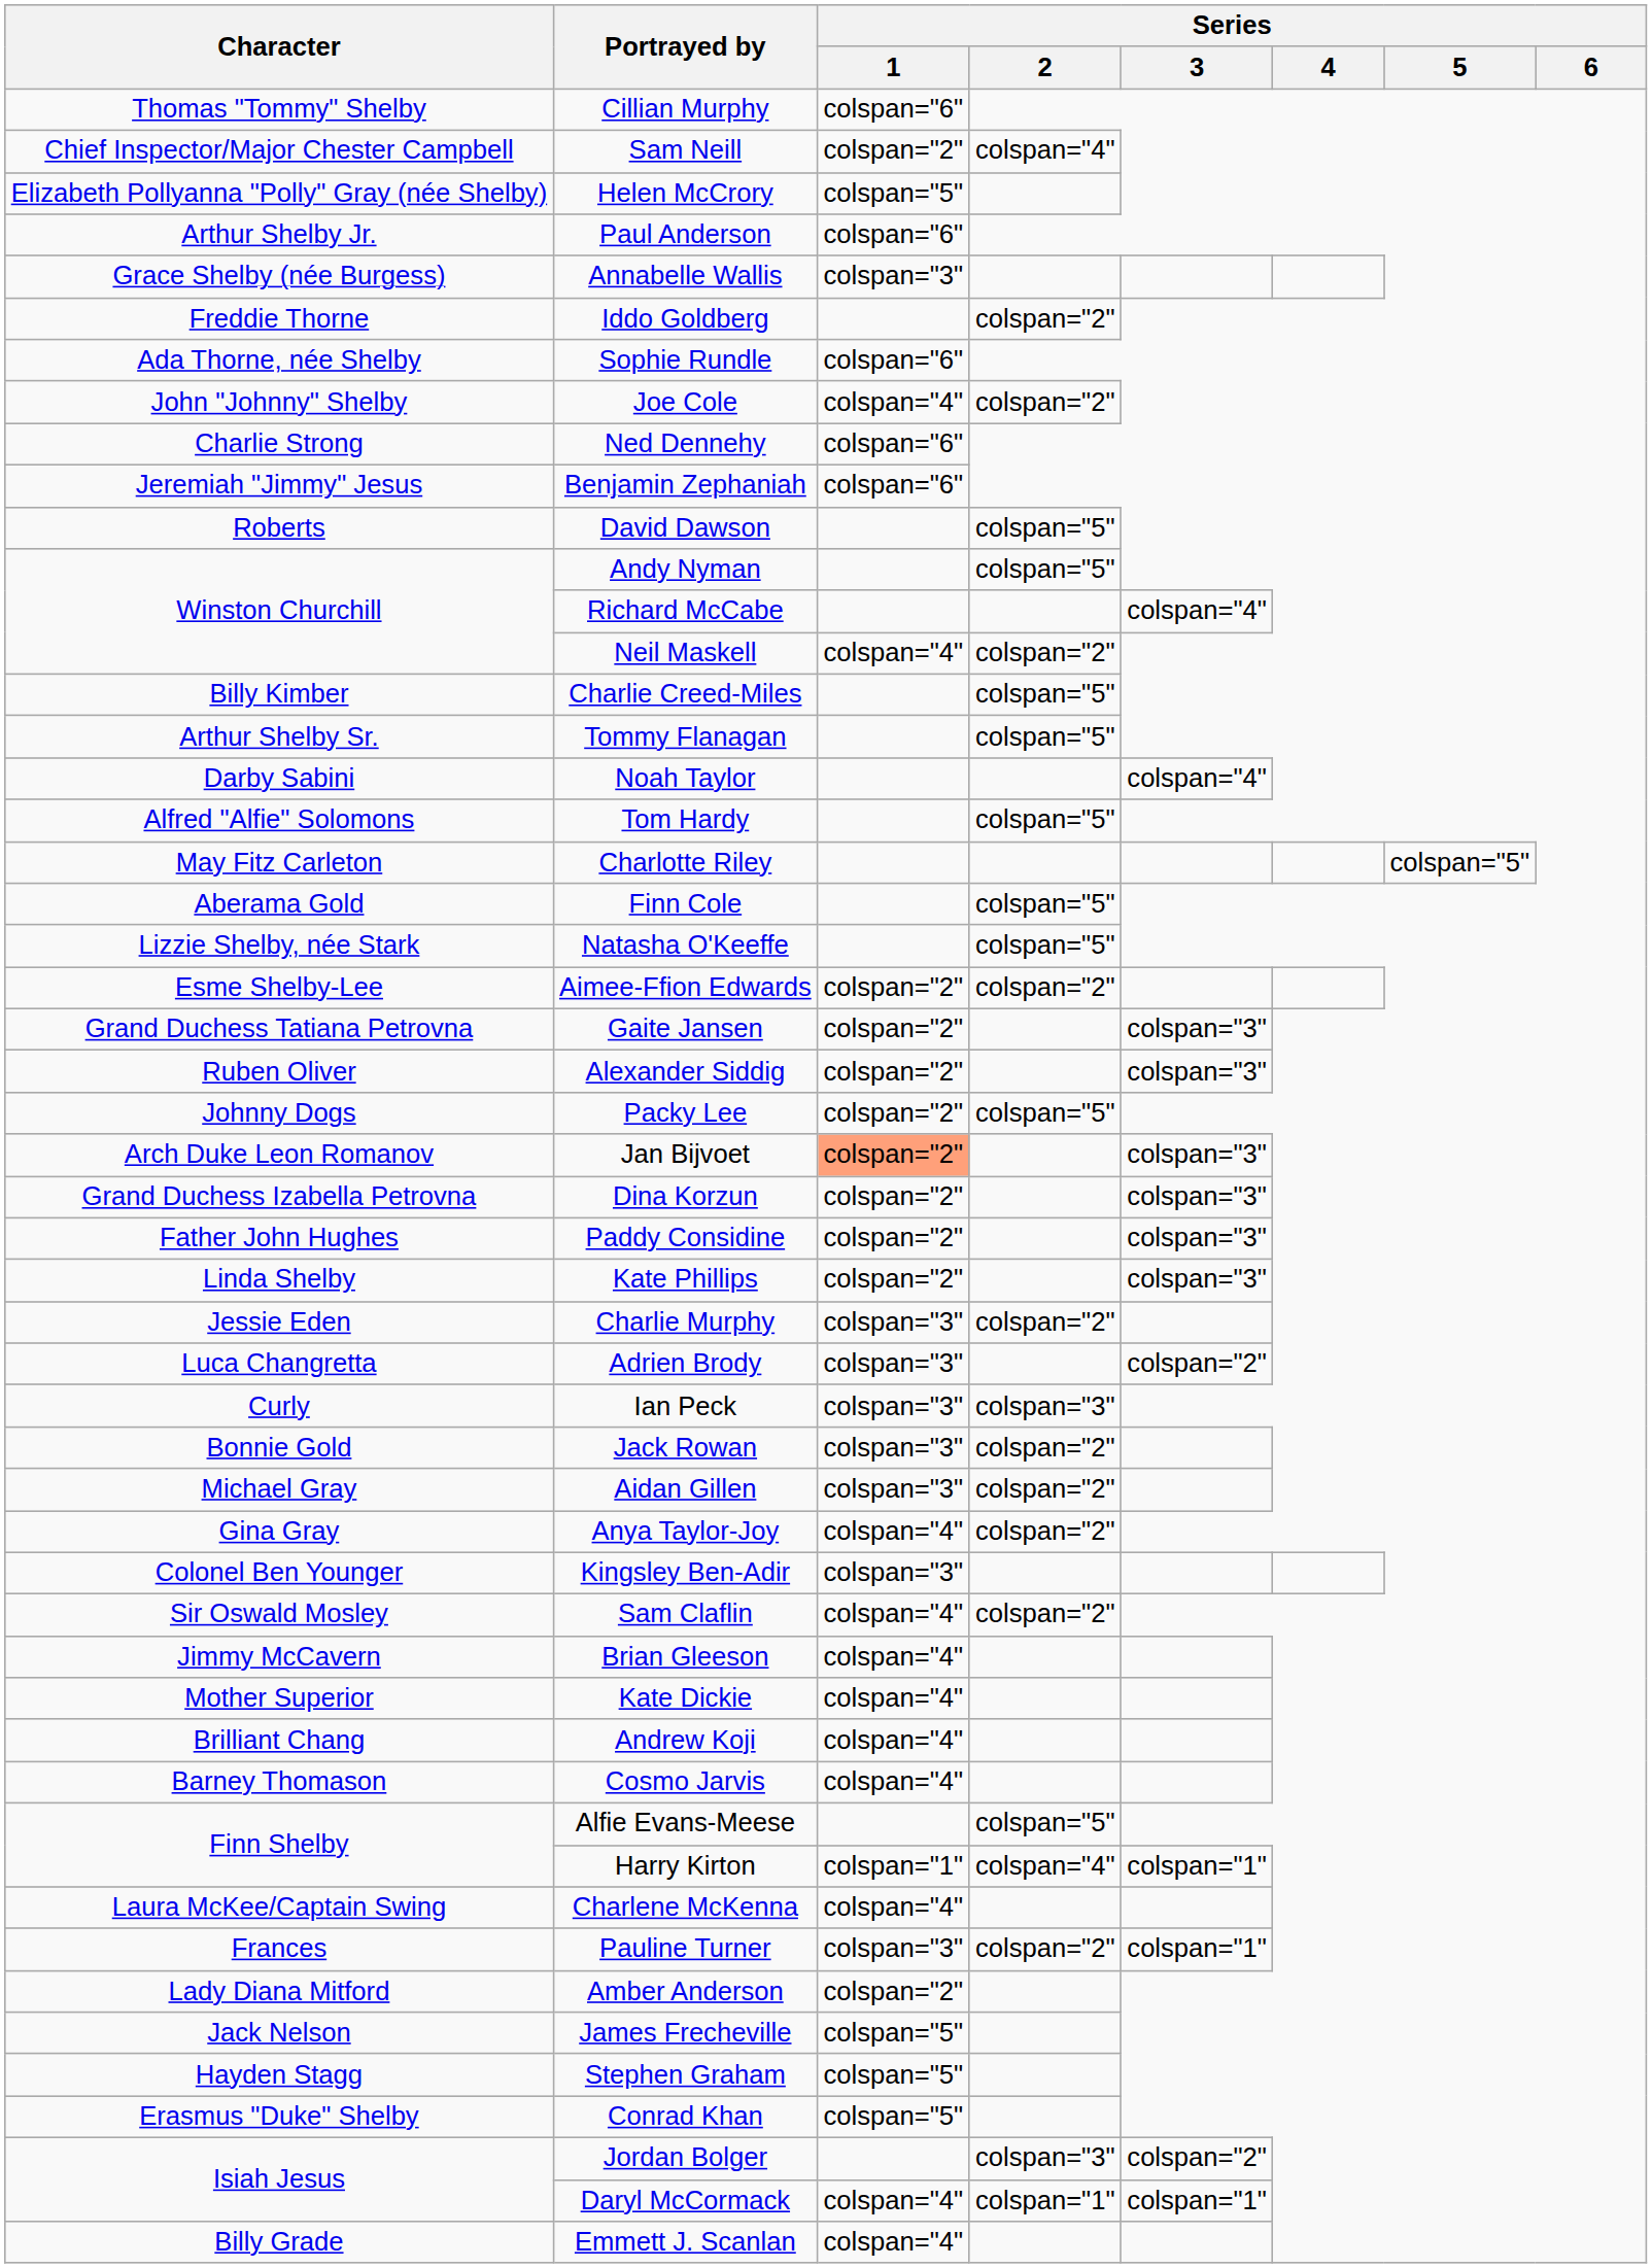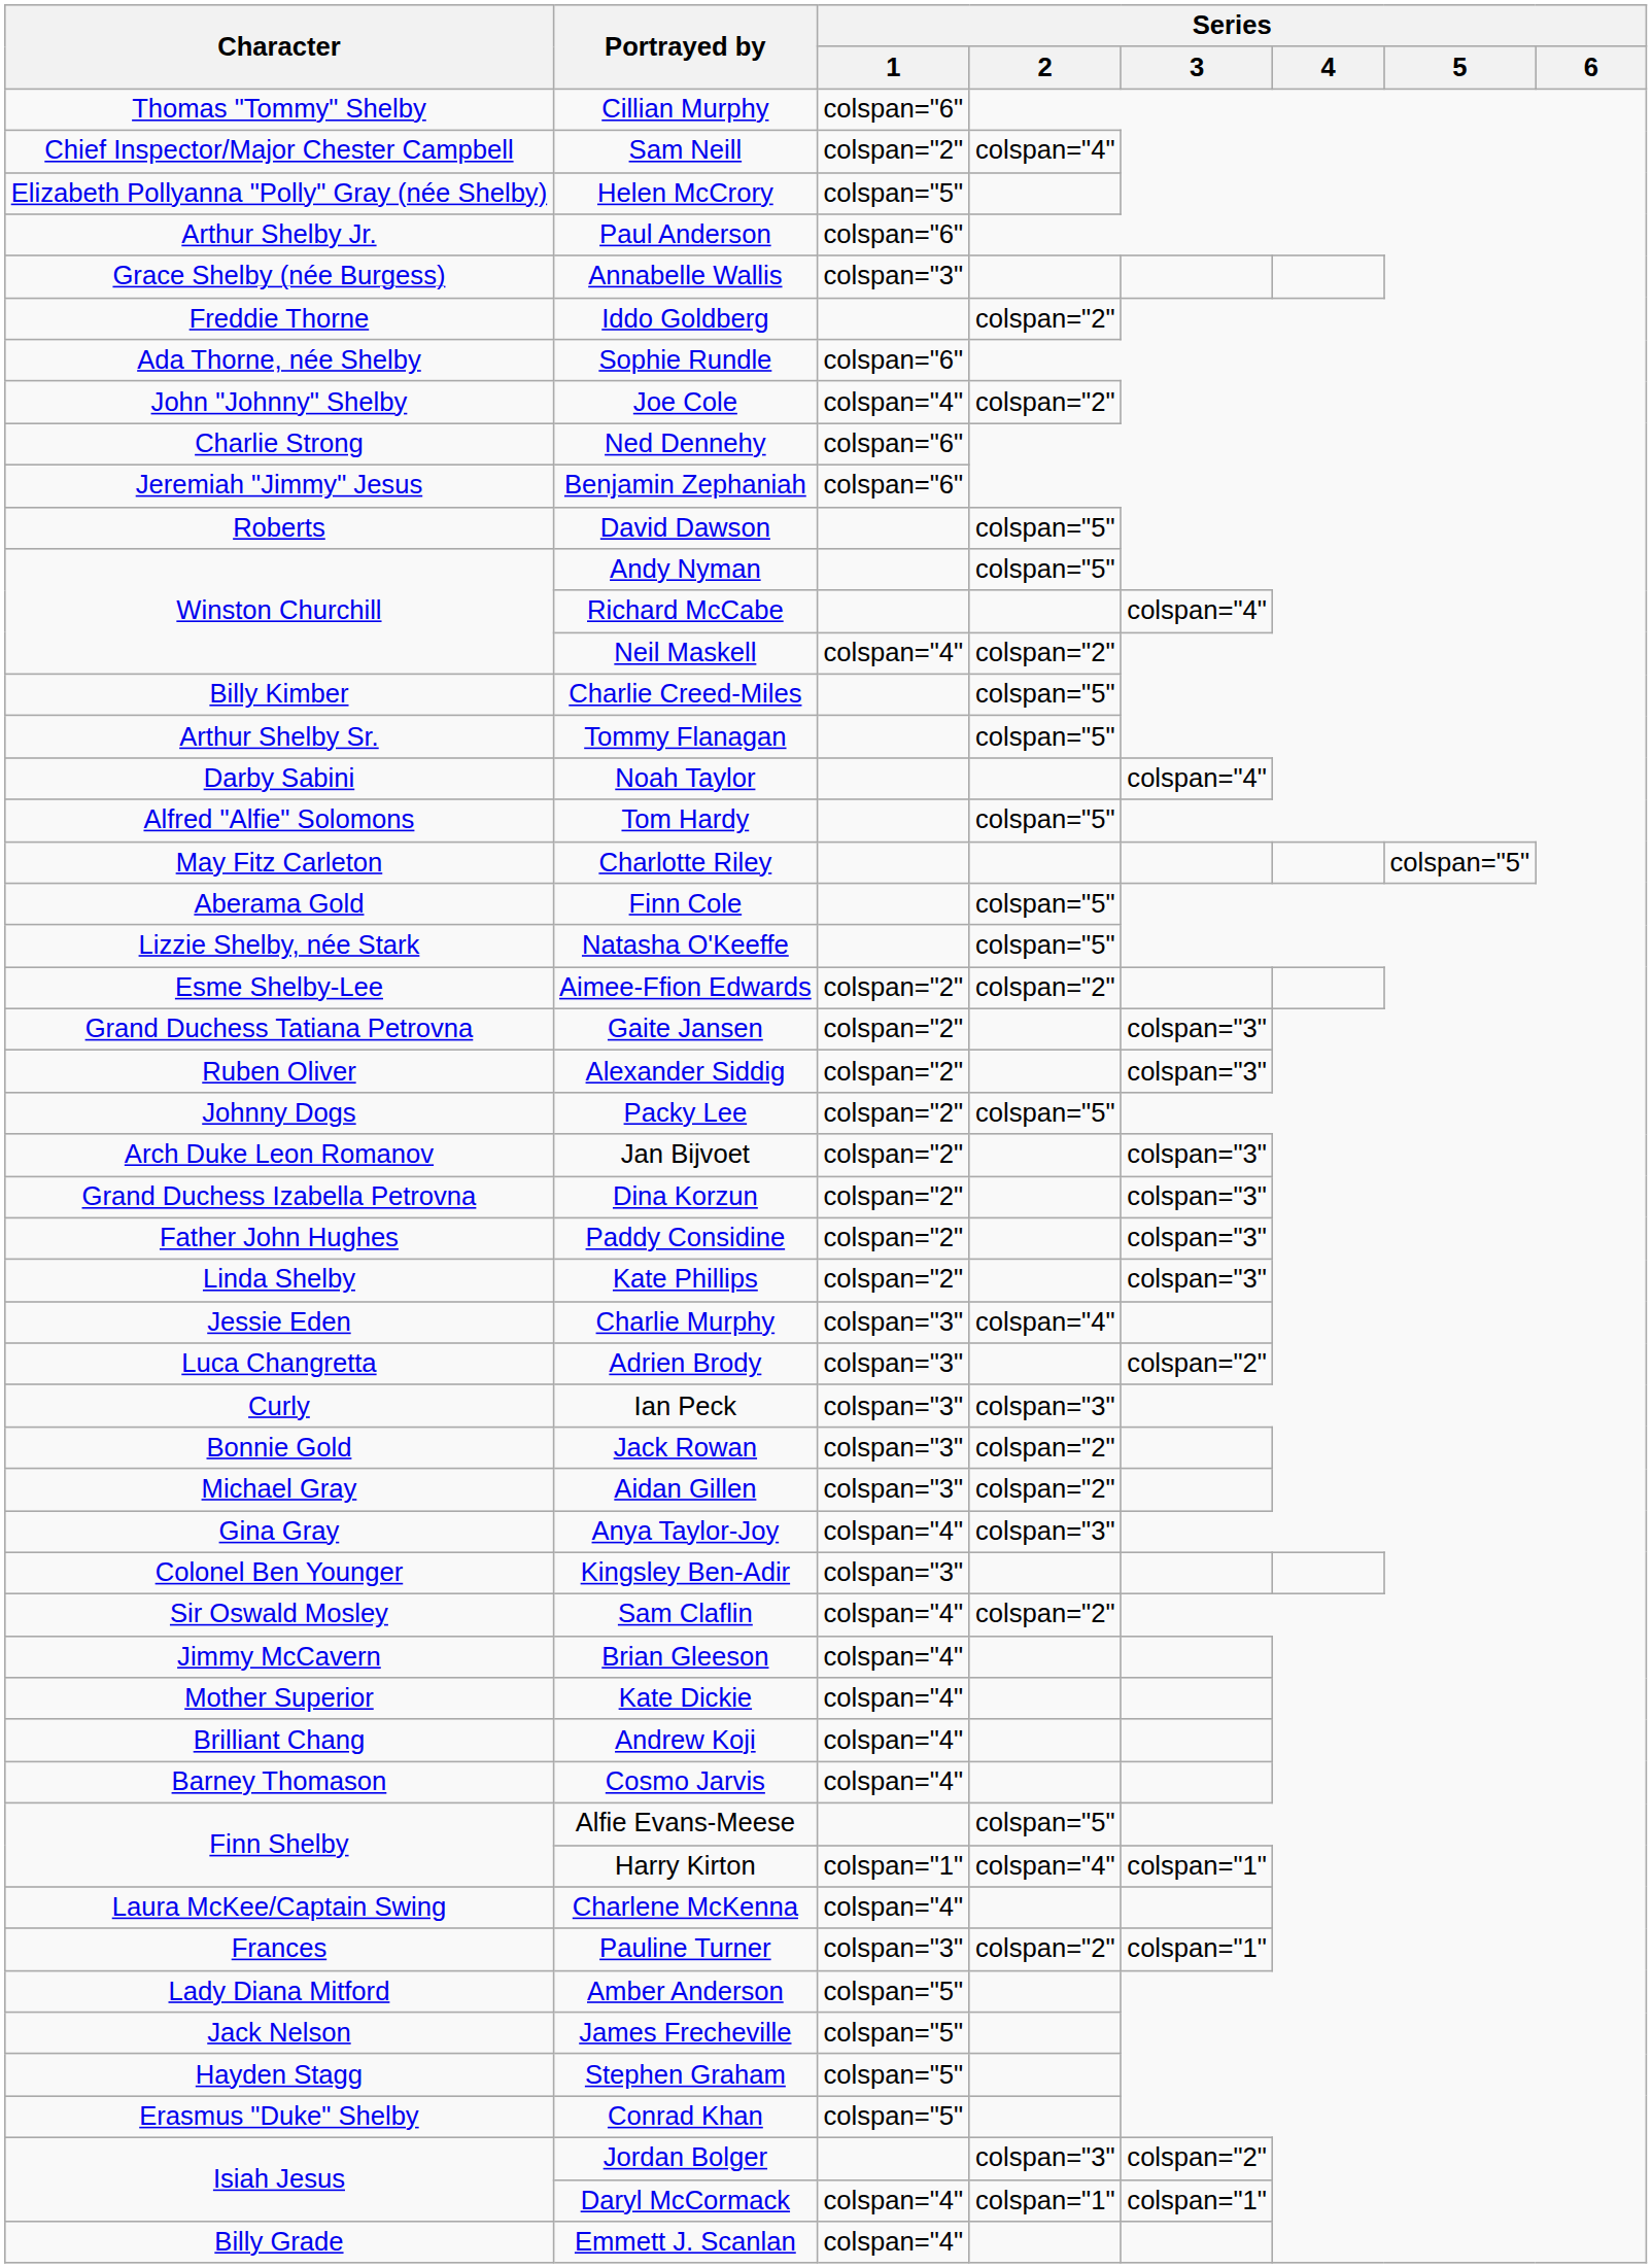 <table class="wikitable plainrowheaders" style="text-align:center;">
 <tr>
 <th scope="col" rowspan="2">Character</th>
 <th scope="col" rowspan="2">Portrayed by</th>
 <th scope="col" colspan="6">Series</th>
 </tr>
 <tr>
 <th style="width:60px;">1</th>
 <th style="width:60px;">2</th>
 <th style="width:60px;">3</th>
 <th style="width:60px;">4</th>
 <th style="width:60px;">5</th>
 <th style="width:60px;">6</th>
 </tr>
 <tr>
 <td scope="row"><a href='#'>Thomas "Tommy" Shelby</a></td>
 <td><a href='#'>Cillian Murphy</a></td>
 <td>colspan="6" </td>
 </tr>
 <tr>
 <td scope="row"><a href='#'>Chief Inspector/Major Chester Campbell</a></td>
 <td><a href='#'>Sam Neill</a></td>
 <td>colspan="2" </td>
 <td>colspan="4" </td>
 </tr>
 <tr>
 <td scope="row"><a href='#'>Elizabeth Pollyanna "Polly" Gray (née Shelby)</a></td>
 <td><a href='#'>Helen McCrory</a></td>
 <td>colspan="5" </td>
 <td></td>
 </tr>
 <tr>
 <td scope="row"><a href='#'>Arthur Shelby Jr.</a></td>
 <td><a href='#'>Paul Anderson</a></td>
 <td>colspan="6" </td>
 </tr>
 <tr>
 <td scope="row"><a href='#'>Grace Shelby (née Burgess)</a></td>
 <td><a href='#'>Annabelle Wallis</a></td>
 <td>colspan="3" </td>
 <td></td>
 <td></td>
 <td></td>
 </tr>
 <tr>
 <td scope="row"><a href='#'>Freddie Thorne</a></td>
 <td><a href='#'>Iddo Goldberg</a></td>
 <td></td>
 <td>colspan="2" </td>
 </tr>
 <tr>
 <td scope="row"><a href='#'>Ada Thorne, née Shelby</a></td>
 <td><a href='#'>Sophie Rundle</a></td>
 <td>colspan="6" </td>
 </tr>
 <tr>
 <td scope="row"><a href='#'>John "Johnny" Shelby</a></td>
 <td><a href='#'>Joe Cole</a></td>
 <td>colspan="4" </td>
 <td>colspan="2" </td>
 </tr>
 <tr>
 <td scope="row"><a href='#'>Charlie Strong</a></td>
 <td><a href='#'>Ned Dennehy</a></td>
 <td>colspan="6" </td>
 </tr>
 <tr>
 <td scope="row"><a href='#'>Jeremiah "Jimmy" Jesus</a></td>
 <td><a href='#'>Benjamin Zephaniah</a></td>
 <td>colspan="6" </td>
 </tr>
 <tr>
 <td scope="row"><a href='#'>Roberts</a></td>
 <td><a href='#'>David Dawson</a></td>
 <td></td>
 <td>colspan="5" </td>
 </tr>
 <tr>
 <td rowspan="3" scope="row"><a href='#'>Winston Churchill</a></td>
 <td><a href='#'>Andy Nyman</a></td>
 <td></td>
 <td>colspan="5" </td>
 </tr>
 <tr>
 <td><a href='#'>Richard McCabe</a></td>
 <td></td>
 <td></td>
 <td>colspan="4" </td>
 </tr>
 <tr>
 <td><a href='#'>Neil Maskell</a></td>
 <td>colspan="4" </td>
 <td>colspan="2" </td>
 </tr>
 <tr>
 <td scope="row"><a href='#'>Billy Kimber</a></td>
 <td><a href='#'>Charlie Creed-Miles</a></td>
 <td></td>
 <td>colspan="5" </td>
 </tr>
 <tr>
 <td scope="row"><a href='#'>Arthur Shelby Sr.</a></td>
 <td><a href='#'>Tommy Flanagan</a></td>
 <td></td>
 <td>colspan="5" </td>
 </tr>
 <tr>
 <td scope="row"><a href='#'>Darby Sabini</a></td>
 <td><a href='#'>Noah Taylor</a></td>
 <td></td>
 <td></td>
 <td>colspan="4" </td>
 </tr>
 <tr>
 <td scope="row"><a href='#'>Alfred "Alfie" Solomons</a></td>
 <td><a href='#'>Tom Hardy</a></td>
 <td></td>
 <td>colspan="5" </td>
 </tr>
 <tr>
 <td scope="row"><a href='#'>May Fitz Carleton</a></td>
 <td><a href='#'>Charlotte Riley</a></td>
 <td></td>
 <td></td>
 <td></td>
 <td></td>
 <td>colspan="5" </td>
 </tr>
 <tr>
 <td scope="row"><a href='#'>Aberama Gold</a></td>
 <td><a href='#'>Finn Cole</a></td>
 <td></td>
 <td>colspan="5" </td>
 </tr>
 <tr>
 <td scope="row"><a href='#'>Lizzie Shelby, née Stark</a></td>
 <td><a href='#'>Natasha O'Keeffe</a></td>
 <td></td>
 <td>colspan="5" </td>
 </tr>
 <tr>
 <td scope="row"><a href='#'>Esme Shelby-Lee</a></td>
 <td><a href='#'>Aimee-Ffion Edwards</a></td>
 <td>colspan="2" </td>
 <td>colspan="2" </td>
 <td></td>
 <td></td>
 </tr>
 <tr>
 <td scope="row"><a href='#'>Grand Duchess Tatiana Petrovna</a></td>
 <td><a href='#'>Gaite Jansen</a></td>
 <td>colspan="2" </td>
 <td></td>
 <td>colspan="3" </td>
 </tr>
 <tr>
 <td scope="row"><a href='#'>Ruben Oliver</a></td>
 <td><a href='#'>Alexander Siddig</a></td>
 <td>colspan="2" </td>
 <td></td>
 <td>colspan="3" </td>
 </tr>
 <tr>
 <td scope="row"><a href='#'>Johnny Dogs</a></td>
 <td><a href='#'>Packy Lee</a></td>
 <td>colspan="2" </td>
 <td>colspan="5" </td>
 </tr>
 <tr>
 <td scope="row"><a href='#'>Arch Duke Leon Romanov</a></td>
 <td>Jan Bijvoet</td>
-<td style="background: lightsalmon;">colspan="2" </td>
+<td>colspan="2" </td>
 <td></td>
 <td>colspan="3" </td>
 </tr>
 <tr>
 <td scope="row"><a href='#'>Grand Duchess Izabella Petrovna</a></td>
 <td><a href='#'>Dina Korzun</a></td>
 <td>colspan="2" </td>
 <td></td>
 <td>colspan="3" </td>
 </tr>
 <tr>
 <td scope="row"><a href='#'>Father John Hughes</a></td>
 <td><a href='#'>Paddy Considine</a></td>
 <td>colspan="2" </td>
 <td></td>
 <td>colspan="3" </td>
 </tr>
 <tr>
 <td scope="row"><a href='#'>Linda Shelby</a></td>
 <td><a href='#'>Kate Phillips</a></td>
 <td>colspan="2" </td>
 <td></td>
 <td>colspan="3" </td>
 </tr>
 <tr>
 <td scope="row"><a href='#'>Jessie Eden</a></td>
 <td><a href='#'>Charlie Murphy</a></td>
 <td>colspan="3" </td>
-<td>colspan="2" </td>
+<td>colspan="4" </td>
 <td></td>
 </tr>
 <tr>
 <td scope="row"><a href='#'>Luca Changretta</a></td>
 <td><a href='#'>Adrien Brody</a></td>
 <td>colspan="3" </td>
 <td></td>
 <td>colspan="2" </td>
 </tr>
 <tr>
 <td scope="row"><a href='#'>Curly</a></td>
 <td>Ian Peck</td>
 <td>colspan="3" </td>
 <td>colspan="3" </td>
 </tr>
 <tr>
 <td scope="row"><a href='#'>Bonnie Gold</a></td>
 <td><a href='#'>Jack Rowan</a></td>
 <td>colspan="3" </td>
 <td>colspan="2" </td>
 <td></td>
 </tr>
 <tr>
 <td scope="row"><a href='#'>Michael Gray</a></td>
 <td><a href='#'>Aidan Gillen</a></td>
 <td>colspan="3" </td>
 <td>colspan="2" </td>
 <td></td>
 </tr>
 <tr>
 <td scope="row"><a href='#'>Gina Gray</a></td>
 <td><a href='#'>Anya Taylor-Joy</a></td>
 <td>colspan="4" </td>
-<td>colspan="2" </td>
+<td>colspan="3" </td>
 </tr>
 <tr>
 <td scope="row"><a href='#'>Colonel Ben Younger</a></td>
 <td><a href='#'>Kingsley Ben-Adir</a></td>
 <td>colspan="3" </td>
 <td></td>
 <td></td>
 <td></td>
 </tr>
 <tr>
 <td scope="row"><a href='#'>Sir Oswald Mosley</a></td>
 <td><a href='#'>Sam Claflin</a></td>
 <td>colspan="4" </td>
 <td>colspan="2" </td>
 </tr>
 <tr>
 <td scope="row"><a href='#'>Jimmy McCavern</a></td>
 <td><a href='#'>Brian Gleeson</a></td>
 <td>colspan="4" </td>
 <td></td>
 <td></td>
 </tr>
 <tr>
 <td scope="row"><a href='#'>Mother Superior</a></td>
 <td><a href='#'>Kate Dickie</a></td>
 <td>colspan="4" </td>
 <td></td>
 <td></td>
 </tr>
 <tr>
 <td scope="row"><a href='#'>Brilliant Chang</a></td>
 <td><a href='#'>Andrew Koji</a></td>
 <td>colspan="4" </td>
 <td></td>
 <td></td>
 </tr>
 <tr>
 <td scope="row"><a href='#'>Barney Thomason</a></td>
 <td><a href='#'>Cosmo Jarvis</a></td>
 <td>colspan="4" </td>
 <td></td>
 <td></td>
 </tr>
 <tr>
 <td rowspan="2" scope="row"><a href='#'>Finn Shelby</a></td>
 <td>Alfie Evans-Meese</td>
 <td></td>
 <td>colspan="5" </td>
 </tr>
 <tr>
 <td>Harry Kirton</td>
 <td>colspan="1" </td>
 <td>colspan="4" </td>
 <td>colspan="1" </td>
 </tr>
 <tr>
 <td scope="row"><a href='#'>Laura McKee/Captain Swing</a></td>
 <td><a href='#'>Charlene McKenna</a></td>
 <td>colspan="4" </td>
 <td></td>
 <td></td>
 </tr>
 <tr>
 <td scope="row"><a href='#'>Frances</a></td>
 <td><a href='#'>Pauline Turner</a></td>
 <td>colspan="3" </td>
 <td>colspan="2" </td>
 <td>colspan="1" </td>
 </tr>
 <tr>
 <td scope="row"><a href='#'>Lady Diana Mitford</a></td>
 <td><a href='#'>Amber Anderson</a></td>
-<td>colspan="2" </td>
+<td>colspan="5" </td>
 <td></td>
 </tr>
 <tr>
 <td scope="row"><a href='#'>Jack Nelson</a></td>
 <td><a href='#'>James Frecheville</a></td>
 <td>colspan="5" </td>
 <td></td>
 </tr>
 <tr>
 <td scope="row"><a href='#'>Hayden Stagg</a></td>
 <td><a href='#'>Stephen Graham</a></td>
 <td>colspan="5" </td>
 <td></td>
 </tr>
 <tr>
 <td scope="row"><a href='#'>Erasmus "Duke" Shelby</a></td>
 <td><a href='#'>Conrad Khan</a></td>
 <td>colspan="5" </td>
 <td></td>
 </tr>
 <tr>
 <td rowspan="2" scope="row"><a href='#'>Isiah Jesus</a></td>
 <td><a href='#'>Jordan Bolger</a></td>
 <td></td>
 <td>colspan="3" </td>
 <td>colspan="2" </td>
 </tr>
 <tr>
 <td><a href='#'>Daryl McCormack</a></td>
 <td>colspan="4" </td>
 <td>colspan="1" </td>
 <td>colspan="1" </td>
 </tr>
 <tr>
 <td scope="row"><a href='#'>Billy Grade</a></td>
 <td><a href='#'>Emmett J. Scanlan</a></td>
 <td>colspan="4" </td>
 <td></td>
 <td></td>
 </tr>
 </table>
